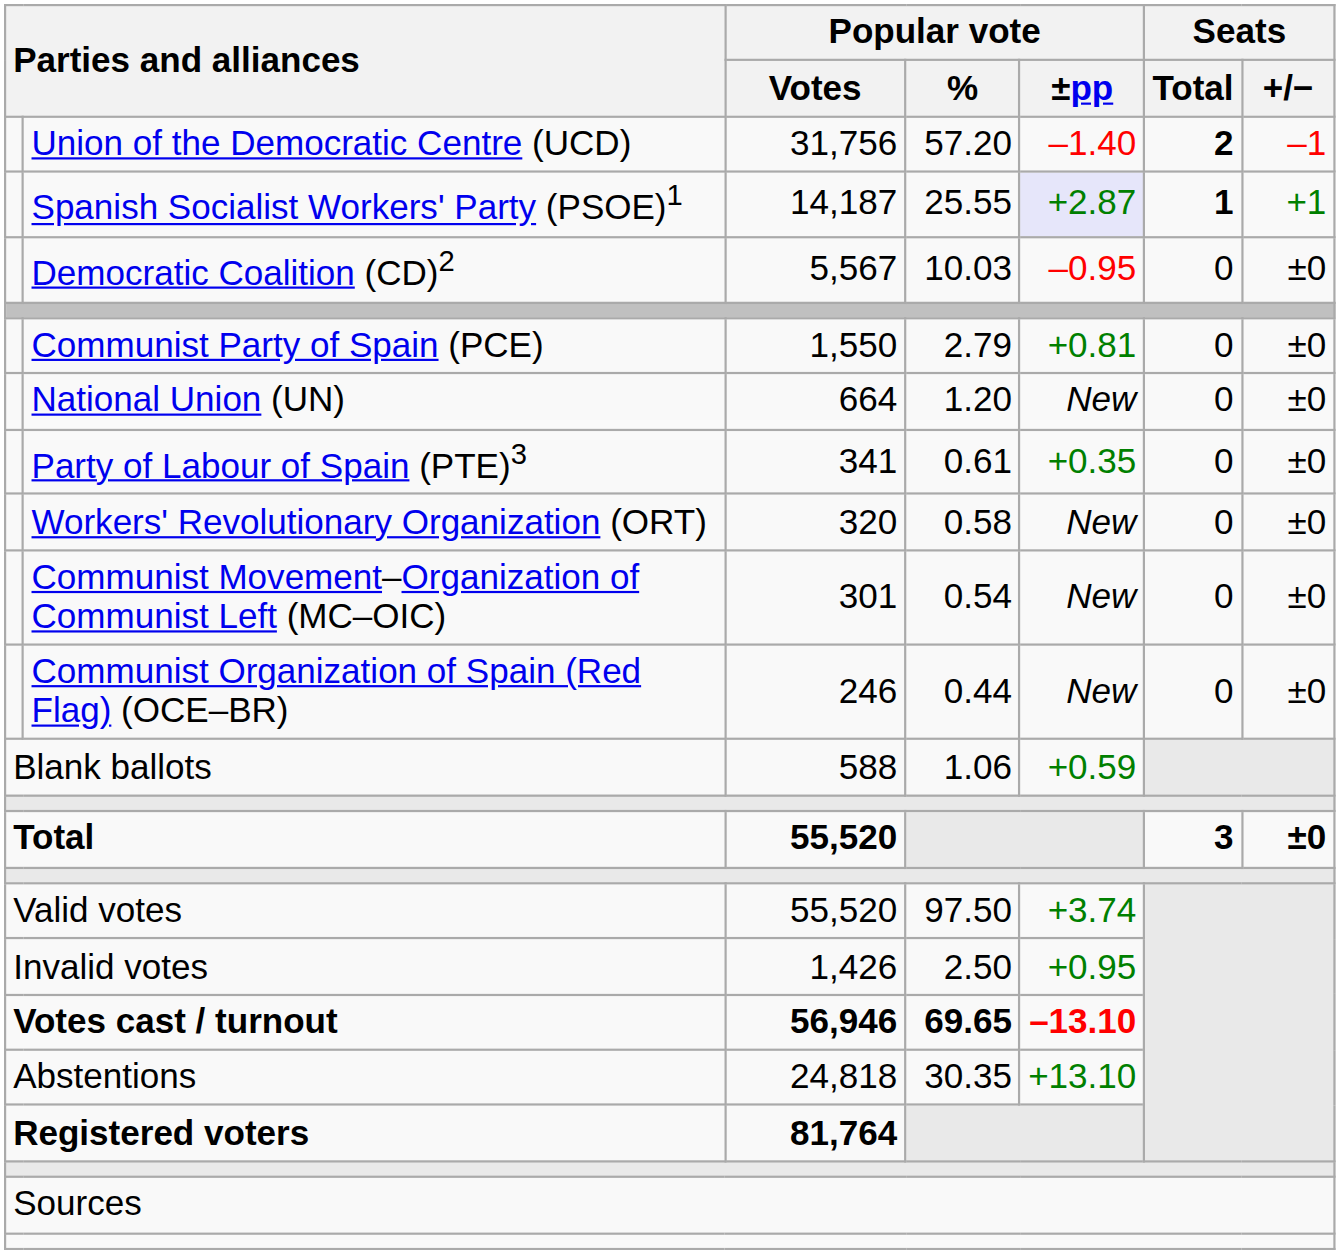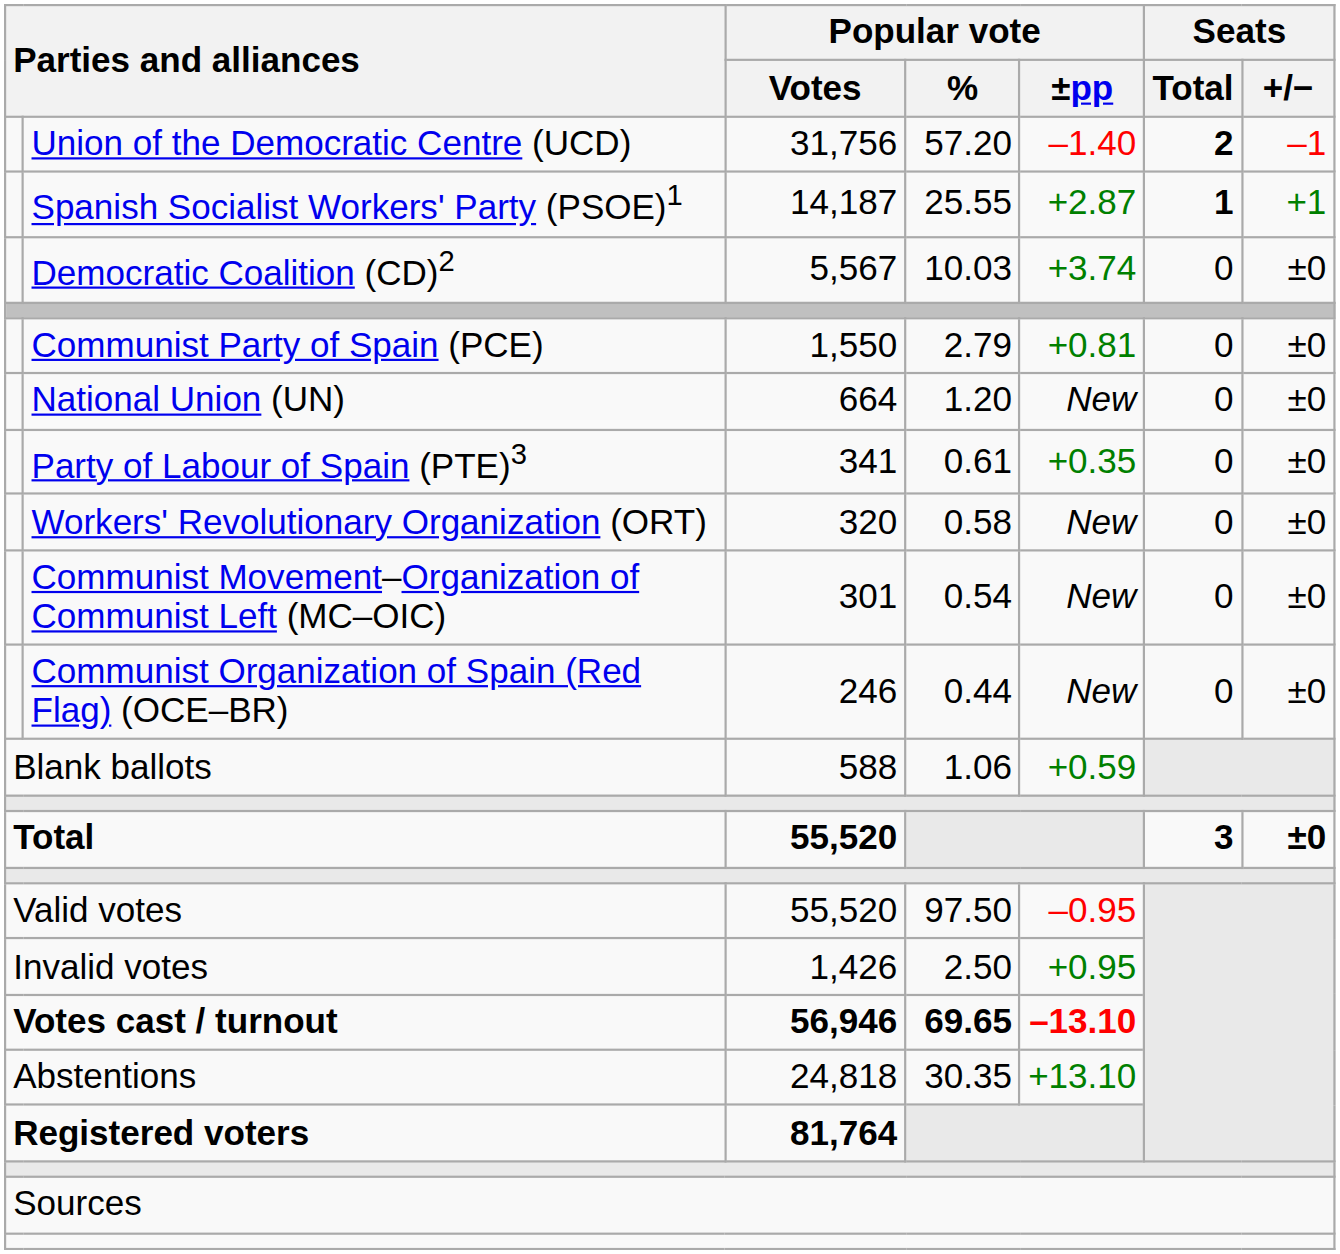 <table class="wikitable" style="text-align:right;">
 <tr>
 <th style="text-align:left;" rowspan="2" colspan="2" width="525">Parties and alliances</th>
 <th colspan="3">Popular vote</th>
 <th colspan="2">Seats</th>
 </tr>
 <tr>
 <th width="75">Votes</th>
 <th width="45">%</th>
 <th width="45">±<a href='#'>pp</a></th>
 <th width="35">Total</th>
 <th width="35">+/−</th>
 </tr>
 <tr>
 <td width="1" style="color:inherit;background:"></td>
 <td align="left"><a href='#'>Union of the Democratic Centre</a> (UCD)</td>
 <td>31,756</td>
 <td>57.20</td>
 <td style="color:red;">–1.40</td>
 <td><strong>2</strong></td>
 <td style="color:red;">–1</td>
 </tr>
 <tr>
 <td style="color:inherit;background:"></td>
 <td align="left"><a href='#'>Spanish Socialist Workers' Party</a> (PSOE)<sup>1</sup></td>
 <td>14,187</td>
 <td>25.55</td>
-<td style="background: lavender; color:green;">+2.87</td>
+<td style="color:green;">+2.87</td>
 <td><strong>1</strong></td>
 <td style="color:green;">+1</td>
 </tr>
 <tr>
 <td style="color:inherit;background:"></td>
 <td align="left"><a href='#'>Democratic Coalition</a> (CD)<sup>2</sup></td>
 <td>5,567</td>
 <td>10.03</td>
-<td style="color:red;">–0.95</td>
+<td style="color:green;">+3.74</td>
 <td>0</td>
 <td>±0</td>
 </tr>
 <tr>
 <td colspan="7" bgcolor="#C0C0C0"></td>
 </tr>
 <tr>
 <td style="color:inherit;background:"></td>
 <td align="left"><a href='#'>Communist Party of Spain</a> (PCE)</td>
 <td>1,550</td>
 <td>2.79</td>
 <td style="color:green;">+0.81</td>
 <td>0</td>
 <td>±0</td>
 </tr>
 <tr>
 <td style="color:inherit;background:"></td>
 <td align="left"><a href='#'>National Union</a> (UN)</td>
 <td>664</td>
 <td>1.20</td>
 <td><em>New</em></td>
 <td>0</td>
 <td>±0</td>
 </tr>
 <tr>
 <td style="color:inherit;background:"></td>
 <td align="left"><a href='#'>Party of Labour of Spain</a> (PTE)<sup>3</sup></td>
 <td>341</td>
 <td>0.61</td>
 <td style="color:green;">+0.35</td>
 <td>0</td>
 <td>±0</td>
 </tr>
 <tr>
 <td style="color:inherit;background:"></td>
 <td align="left"><a href='#'>Workers' Revolutionary Organization</a> (ORT)</td>
 <td>320</td>
 <td>0.58</td>
 <td><em>New</em></td>
 <td>0</td>
 <td>±0</td>
 </tr>
 <tr>
 <td style="color:inherit;background:"></td>
 <td align="left"><a href='#'>Communist Movement</a>–<a href='#'>Organization of Communist Left</a> (MC–OIC)</td>
 <td>301</td>
 <td>0.54</td>
 <td><em>New</em></td>
 <td>0</td>
 <td>±0</td>
 </tr>
 <tr>
 <td style="color:inherit;background:"></td>
 <td align="left"><a href='#'>Communist Organization of Spain (Red Flag)</a> (OCE–BR)</td>
 <td>246</td>
 <td>0.44</td>
 <td><em>New</em></td>
 <td>0</td>
 <td>±0</td>
 </tr>
 <tr>
 <td align="left" colspan="2">Blank ballots</td>
 <td>588</td>
 <td>1.06</td>
 <td style="color:green;">+0.59</td>
 <td bgcolor="#E9E9E9" colspan="2"></td>
 </tr>
 <tr>
 <td colspan="7" bgcolor="#E9E9E9"></td>
 </tr>
 <tr style="font-weight:bold;">
 <td align="left" colspan="2">Total</td>
 <td>55,520</td>
 <td bgcolor="#E9E9E9" colspan="2"></td>
 <td>3</td>
 <td>±0</td>
 </tr>
 <tr>
 <td colspan="7" bgcolor="#E9E9E9"></td>
 </tr>
 <tr>
 <td align="left" colspan="2">Valid votes</td>
 <td>55,520</td>
 <td>97.50</td>
-<td style="color:green;">+3.74</td>
+<td style="color:red;">–0.95</td>
 <td bgcolor="#E9E9E9" colspan="2" rowspan="5"></td>
 </tr>
 <tr>
 <td align="left" colspan="2">Invalid votes</td>
 <td>1,426</td>
 <td>2.50</td>
 <td style="color:green;">+0.95</td>
 </tr>
 <tr style="font-weight:bold;">
 <td align="left" colspan="2">Votes cast / turnout</td>
 <td>56,946</td>
 <td>69.65</td>
 <td style="color:red;">–13.10</td>
 </tr>
 <tr>
 <td align="left" colspan="2">Abstentions</td>
 <td>24,818</td>
 <td>30.35</td>
 <td style="color:green;">+13.10</td>
 </tr>
 <tr style="font-weight:bold;">
 <td align="left" colspan="2">Registered voters</td>
 <td>81,764</td>
 <td bgcolor="#E9E9E9" colspan="2"></td>
 </tr>
 <tr>
 <td colspan="7" bgcolor="#E9E9E9"></td>
 </tr>
 <tr>
 <td align="left" colspan="7">Sources</td>
 </tr>
 <tr>
 <td colspan="7" style="text-align:left; max-width:790px;"></td>
 </tr>
 </table>
